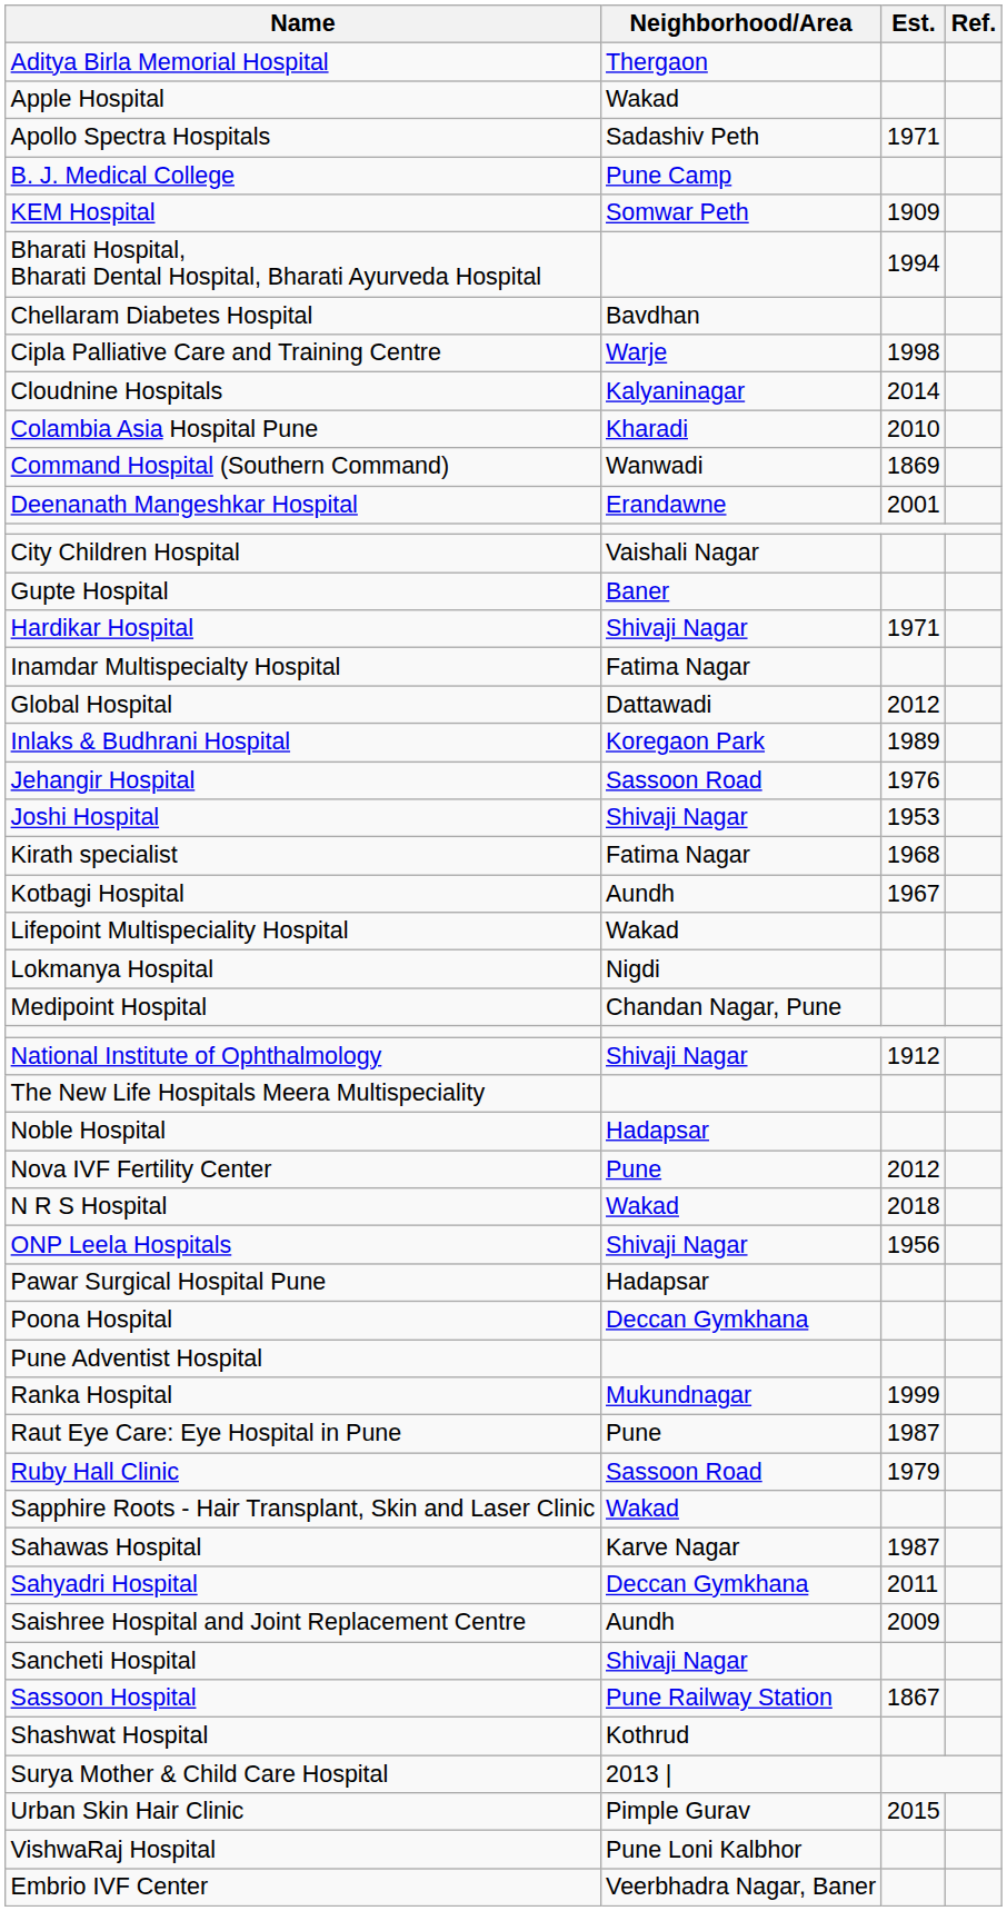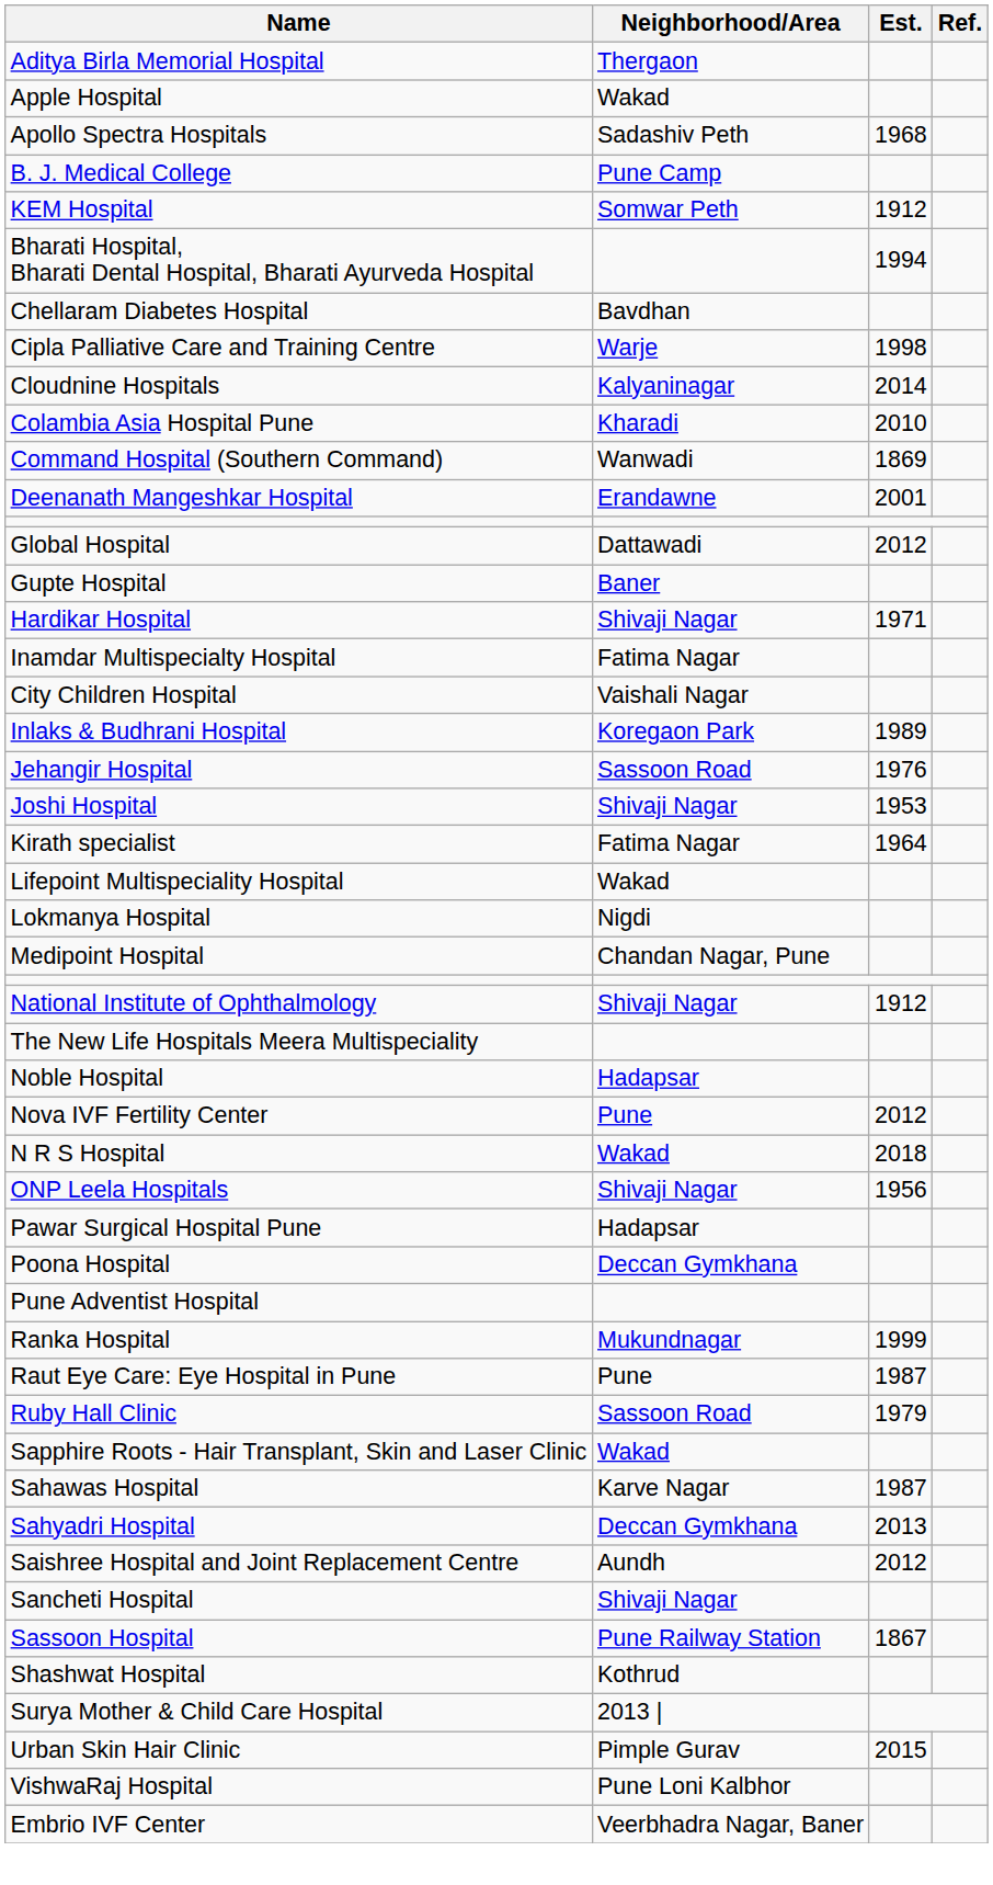 <table class="wikitable sortable">
 <tr>
 <th>Name</th>
 <th>Neighborhood/Area</th>
 <th>Est.</th>
 <th>Ref.</th>
 </tr>
 <tr>
 <td><a href='#'>Aditya Birla Memorial Hospital</a></td>
 <td><a href='#'>Thergaon</a></td>
 <td></td>
 <td></td>
 </tr>
 <tr>
 <td>Apple Hospital</td>
 <td>Wakad</td>
 <td></td>
 <td></td>
 </tr>
 <tr>
 <td>Apollo Spectra Hospitals</td>
 <td>Sadashiv Peth</td>
-<td>1971</td>
+<td>1968</td>
 <td></td>
 </tr>
 <tr>
 <td><a href='#'>B. J. Medical College</a></td>
 <td><a href='#'>Pune Camp</a></td>
 <td></td>
 <td></td>
 </tr>
 <tr>
 <td><a href='#'>KEM Hospital</a></td>
 <td><a href='#'>Somwar Peth</a></td>
-<td>1909</td>
+<td>1912</td>
 <td></td>
 </tr>
 <tr>
 <td>Bharati Hospital,<br>Bharati Dental Hospital, Bharati Ayurveda Hospital</td>
 <td></td>
 <td>1994</td>
 <td></td>
 </tr>
 <tr>
 <td>Chellaram Diabetes Hospital</td>
 <td>Bavdhan</td>
 <td></td>
 <td></td>
 </tr>
 <tr>
 <td>Cipla Palliative Care and Training Centre</td>
 <td><a href='#'>Warje</a></td>
 <td>1998</td>
 <td></td>
 </tr>
 <tr>
 <td>Cloudnine Hospitals</td>
 <td><a href='#'>Kalyaninagar</a></td>
 <td>2014</td>
 <td></td>
 </tr>
 <tr>
 <td><a href='#'>Colambia Asia</a> Hospital Pune</td>
 <td><a href='#'>Kharadi</a></td>
 <td>2010</td>
 <td></td>
 </tr>
 <tr>
 <td><a href='#'>Command Hospital</a> (Southern Command)</td>
 <td>Wanwadi</td>
 <td>1869</td>
 <td></td>
 </tr>
 <tr>
 <td><a href='#'>Deenanath Mangeshkar Hospital</a></td>
 <td><a href='#'>Erandawne</a></td>
 <td>2001</td>
 <td></td>
 </tr>
 <tr>
 <td Dr. Khanade Hospital></td>
 </tr>
 <tr>
-<td>City Children Hospital</td>
-<td>Vaishali Nagar</td>
-<td></td>
+<td>Global Hospital</td>
+<td>Dattawadi</td>
+<td>2012</td>
 <td></td>
 </tr>
 <tr>
 <td>Gupte Hospital</td>
 <td><a href='#'>Baner</a></td>
 <td></td>
 <td></td>
 </tr>
 <tr>
 <td><a href='#'>Hardikar Hospital</a></td>
 <td><a href='#'>Shivaji Nagar</a></td>
 <td>1971</td>
 <td></td>
 </tr>
 <tr>
 <td>Inamdar Multispecialty Hospital</td>
 <td>Fatima Nagar</td>
 <td></td>
 <td></td>
 </tr>
 <tr>
-<td>Global Hospital</td>
-<td>Dattawadi</td>
-<td>2012</td>
+<td>City Children Hospital</td>
+<td>Vaishali Nagar</td>
+<td></td>
 <td></td>
 </tr>
 <tr>
 <td><a href='#'>Inlaks & Budhrani Hospital</a></td>
 <td><a href='#'>Koregaon Park</a></td>
 <td>1989</td>
 <td></td>
 </tr>
 <tr>
 <td><a href='#'>Jehangir Hospital</a></td>
 <td><a href='#'>Sassoon Road</a></td>
 <td>1976</td>
 <td></td>
 </tr>
 <tr>
 <td><a href='#'>Joshi Hospital</a></td>
 <td><a href='#'>Shivaji Nagar</a></td>
 <td>1953</td>
 <td></td>
 </tr>
 <tr>
 <td>Kirath specialist</td>
 <td>Fatima Nagar</td>
-<td>1968</td>
-<td></td>
-</tr>
-<tr>
-<td>Kotbagi Hospital</td>
-<td>Aundh</td>
-<td>1967</td>
+<td>1964</td>
 <td></td>
 </tr>
 <tr>
 <td>Lifepoint Multispeciality Hospital</td>
 <td>Wakad</td>
 <td></td>
 <td></td>
 </tr>
 <tr>
 <td>Lokmanya Hospital</td>
 <td>Nigdi</td>
 <td></td>
 <td></td>
 </tr>
 <tr>
 <td>Medipoint Hospital</td>
 <td>Chandan Nagar, Pune</td>
 <td></td>
 <td></td>
 </tr>
 <tr>
 <td N. M. Wadia Institute Of Cardiology></td>
 </tr>
 <tr>
 <td><a href='#'>National Institute of Ophthalmology</a></td>
 <td><a href='#'>Shivaji Nagar</a></td>
 <td>1912</td>
 <td></td>
 </tr>
 <tr>
 <td>The New Life Hospitals Meera Multispeciality</td>
 <td></td>
 <td></td>
 <td></td>
 </tr>
 <tr>
 <td>Noble Hospital</td>
 <td><a href='#'>Hadapsar</a></td>
 <td></td>
 <td></td>
 </tr>
 <tr>
 <td>Nova IVF Fertility Center</td>
 <td><a href='#'>Pune</a></td>
 <td>2012</td>
 <td></td>
 </tr>
 <tr>
 <td>N R S Hospital</td>
 <td><a href='#'>Wakad</a></td>
 <td>2018</td>
 <td></td>
 </tr>
 <tr>
 <td><a href='#'>ONP Leela Hospitals</a></td>
 <td><a href='#'>Shivaji Nagar</a></td>
 <td>1956</td>
 <td></td>
 </tr>
 <tr>
 <td>Pawar Surgical Hospital Pune</td>
 <td>Hadapsar</td>
 <td></td>
 <td></td>
 </tr>
 <tr>
 <td>Poona Hospital</td>
 <td><a href='#'>Deccan Gymkhana</a></td>
 <td></td>
 <td></td>
 </tr>
 <tr>
 <td>Pune Adventist Hospital</td>
 <td></td>
 <td></td>
 <td></td>
 </tr>
 <tr>
 <td>Ranka Hospital</td>
 <td><a href='#'>Mukundnagar</a></td>
 <td>1999</td>
 <td></td>
 </tr>
 <tr>
 <td>Raut Eye Care: Eye Hospital in Pune</td>
 <td>Pune</td>
 <td>1987</td>
 <td></td>
 </tr>
 <tr>
 <td><a href='#'>Ruby Hall Clinic</a></td>
 <td><a href='#'>Sassoon Road</a></td>
 <td>1979</td>
 <td></td>
 </tr>
 <tr>
 <td>Sapphire Roots - Hair Transplant, Skin and Laser Clinic</td>
 <td><a href='#'>Wakad</a></td>
 <td></td>
 <td></td>
 </tr>
 <tr>
 <td>Sahawas Hospital</td>
 <td>Karve Nagar</td>
 <td>1987</td>
 <td></td>
 </tr>
 <tr>
 <td><a href='#'>Sahyadri Hospital</a></td>
 <td><a href='#'>Deccan Gymkhana</a></td>
-<td>2011</td>
+<td>2013</td>
 <td></td>
 </tr>
 <tr>
 <td>Saishree Hospital and Joint Replacement Centre</td>
 <td>Aundh</td>
-<td>2009</td>
+<td>2012</td>
 <td></td>
 </tr>
 <tr>
 <td>Sancheti Hospital</td>
 <td><a href='#'>Shivaji Nagar</a></td>
 <td></td>
 <td></td>
 </tr>
 <tr>
 <td><a href='#'>Sassoon Hospital</a></td>
 <td><a href='#'>Pune Railway Station</a></td>
 <td>1867</td>
 <td></td>
 </tr>
 <tr>
 <td>Shashwat Hospital</td>
 <td>Kothrud</td>
 <td></td>
 <td></td>
 </tr>
 <tr>
 <td>Surya Mother & Child Care Hospital</td>
 <td Wakad>2013 |</td>
 </tr>
 <tr>
 <td>Urban Skin Hair Clinic</td>
 <td>Pimple Gurav</td>
 <td>2015</td>
 <td></td>
 </tr>
 <tr>
 <td>VishwaRaj Hospital</td>
 <td>Pune Loni Kalbhor</td>
 <td></td>
 <td></td>
 </tr>
 <tr>
 <td>Embrio IVF Center</td>
 <td>Veerbhadra Nagar, Baner</td>
 <td></td>
 <td></td>
 </tr>
 </table>
